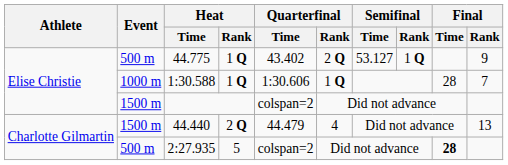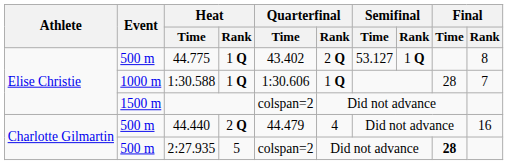 <table class="wikitable" style="font-size:90%">
 <tr>
 <th rowspan=2>Athlete</th>
 <th rowspan=2>Event</th>
 <th colspan=2>Heat</th>
 <th colspan=2>Quarterfinal</th>
 <th colspan=2>Semifinal</th>
 <th colspan=2>Final</th>
 </tr>
 <tr style="font-size:95%">
 <th>Time</th>
 <th>Rank</th>
 <th>Time</th>
 <th>Rank</th>
 <th>Time</th>
 <th>Rank</th>
 <th>Time</th>
 <th>Rank</th>
 </tr>
 <tr align=center>
 <td align=left rowspan="3"><a href='#'>Elise Christie</a></td>
 <td align=left><a href='#'>500 m</a></td>
 <td>44.775</td>
 <td>1 <strong>Q</strong></td>
 <td>43.402</td>
 <td>2 <strong>Q</strong></td>
 <td>53.127</td>
 <td>1 <strong>Q</strong></td>
 <td></td>
-<td>9 </td>
+<td>8 </td>
 </tr>
 <tr align=center>
 <td align=left><a href='#'>1000 m</a></td>
 <td>1:30.588</td>
 <td>1 <strong>Q</strong></td>
 <td>1:30.606</td>
 <td>1 <strong>Q</strong></td>
 <td colspan=2></td>
 <td>28</td>
 <td>7</td>
 </tr>
 <tr align=center>
 <td align=left><a href='#'>1500 m</a></td>
 <td colspan=2></td>
 <td>colspan=2 </td>
 <td colspan=4>Did not advance</td>
 </tr>
 <tr align=center>
 <td style="text-align:left;" rowspan="2"><a href='#'>Charlotte Gilmartin</a></td>
-<td align=left><a href='#'>1500 m</a></td>
+<td align=left><a href='#'>500 m</a></td>
 <td>44.440</td>
 <td>2 <strong>Q</strong></td>
 <td>44.479</td>
 <td>4</td>
 <td colspan=3>Did not advance</td>
-<td>13</td>
+<td>16</td>
 </tr>
 <tr align=center>
 <td align=left><a href='#'>500 m</a></td>
 <td>2:27.935</td>
 <td>5</td>
 <td>colspan=2 </td>
 <td colspan=3>Did not advance</td>
 <td><strong>28</strong></td>
 </tr>
 </table>
